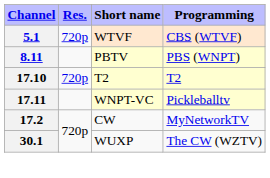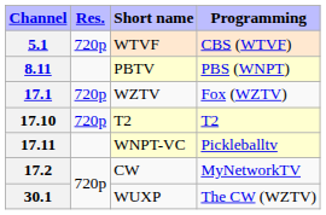 <table class="wikitable">
 <tr>
 <th style="background-color: #bdbdff" scope = "col"><a href='#'>Channel</a></th>
 <th style="background-color: #bdbdff" scope = "col"><a href='#'>Res.</a></th>
 <th style="background-color: #bdbdff" scope = "col">Short name</th>
 <th style="background-color: #bdbdff" scope = "col">Programming</th>
 </tr>
 <tr>
 <th scope = "row"><a href='#'>5.1</a></th>
 <td><a href='#'>720p</a></td>
 <td style="background-color:#ffe8d0">WTVF</td>
 <td style="background-color:#ffe8d0"><a href='#'>CBS</a> (<a href='#'>WTVF</a>) </td>
 </tr>
 <tr>
 <th scope = "row"><a href='#'>8.11</a></th>
 <td></td>
 <td style="background-color:#ffffd0">PBTV</td>
 <td style="background-color:#ffffd0"><a href='#'>PBS</a> (<a href='#'>WNPT</a>)</td>
+</tr>
+<tr>
+<th scope = "row"><a href='#'>17.1</a></th>
+<td><a href='#'>720p</a></td>
+<td>WZTV</td>
+<td><a href='#'>Fox</a> (<a href='#'>WZTV</a>)</td>
 </tr>
 <tr>
 <th scope = "row">17.10</th>
 <td><a href='#'>720p</a></td>
 <td style="background-color:#ffffd0">T2</td>
 <td style="background-color:#ffffd0"><a href='#'>T2</a></td>
 </tr>
 <tr>
 <th scope = "row">17.11</th>
 <td></td>
 <td style="background-color:#ffffd0">WNPT-VC</td>
 <td style="background-color:#ffffd0"><a href='#'>Pickleballtv</a></td>
 </tr>
 <tr>
 <th scope = "row">17.2</th>
 <td rowspan=2>720p</td>
 <td>CW</td>
 <td><a href='#'>MyNetworkTV</a></td>
 </tr>
 <tr>
 <th scope = "row">30.1</th>
 <td>WUXP</td>
 <td><a href='#'>The CW</a> (WZTV)</td>
 </tr>
 </table>
